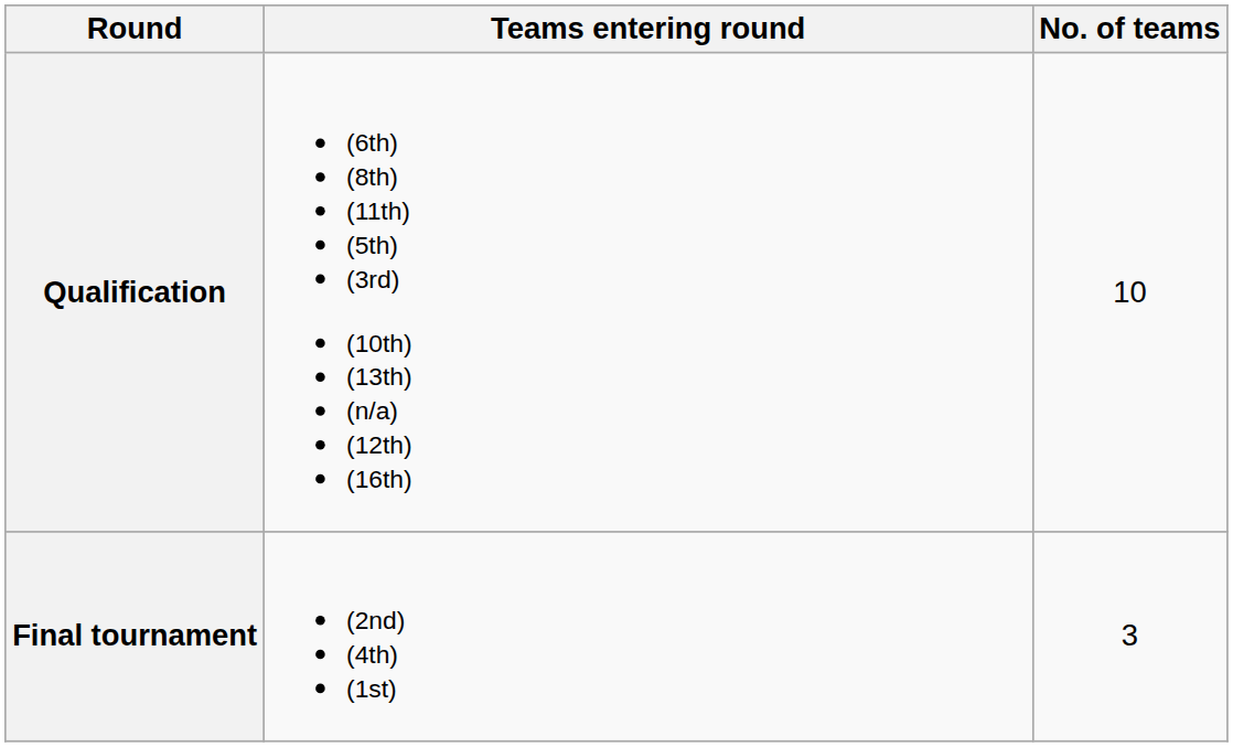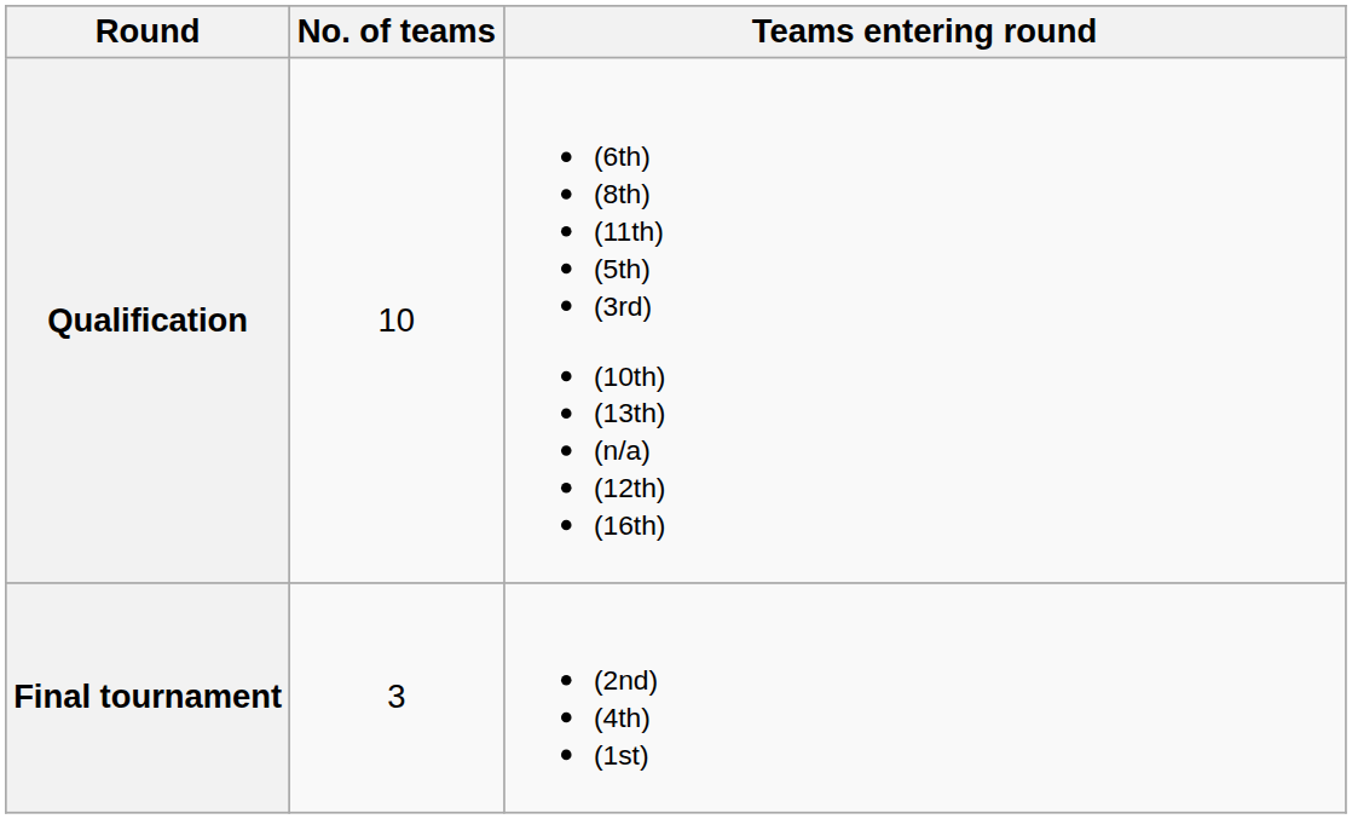 <table class="wikitable">
 <tr>
 <th>Round</th>
+<th>No. of teams</th>
 <th width=400>Teams entering round</th>
-<th>No. of teams</th>
 </tr>
 <tr>
 <th>Qualification</th>
+<td align=center>10</td>
 <td><br> <ul><li> <small>(6th)</small></li><li> <small>(8th)</small></li><li> <small>(11th)</small></li><li> <small>(5th)</small></li><li> <small>(3rd)</small></li></ul><ul><li> <small>(10th)</small></li><li> <small>(13th)</small></li><li> <small>(n/a)</small></li><li> <small>(12th)</small></li><li> <small>(16th)</small></li></ul></td>
-<td align=center>10</td>
 </tr>
 <tr>
 <th>Final tournament</th>
+<td align=center>3</td>
 <td><br><ul><li> <small>(2nd)</small></li><li> <small>(4th)</small></li><li> <small>(1st)</small></li></ul></td>
-<td align=center>3</td>
 </tr>
 </table>
